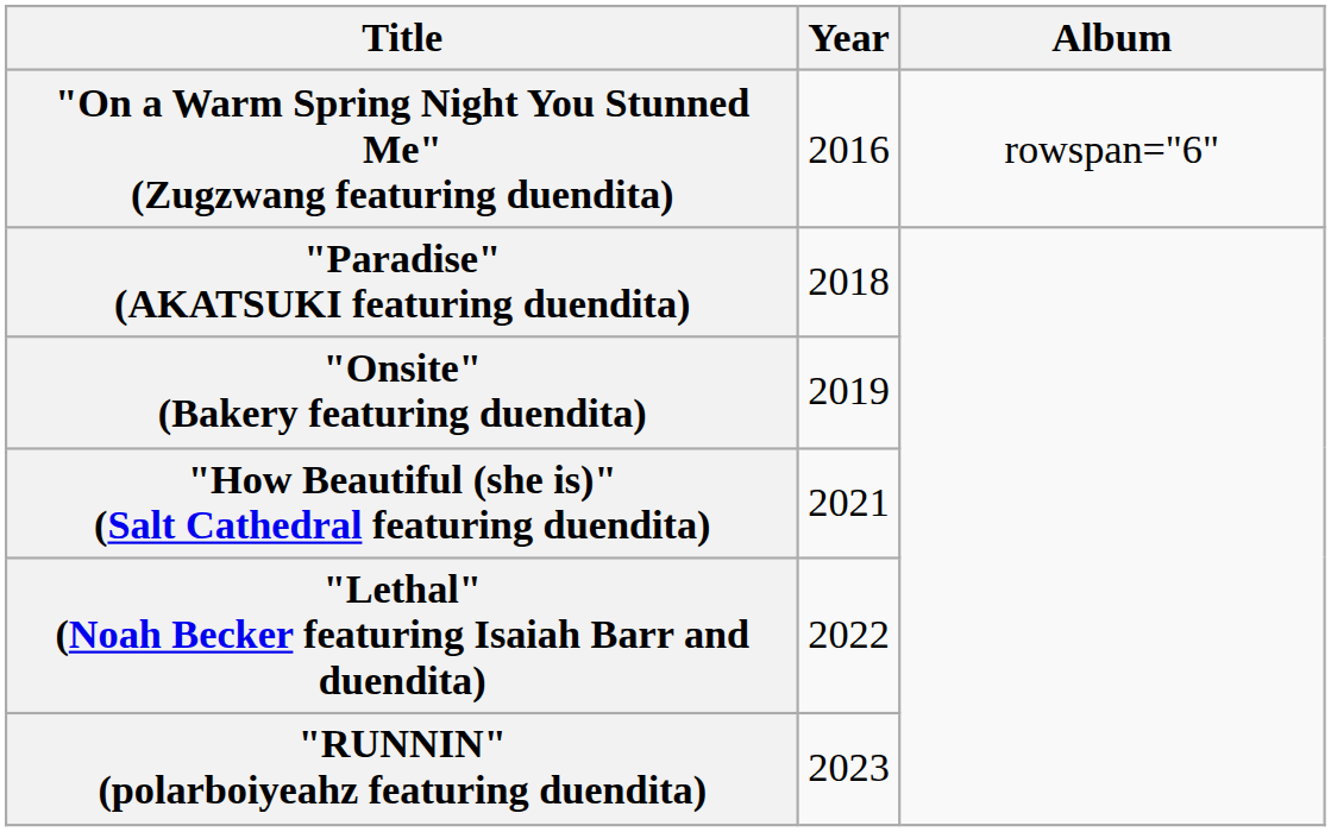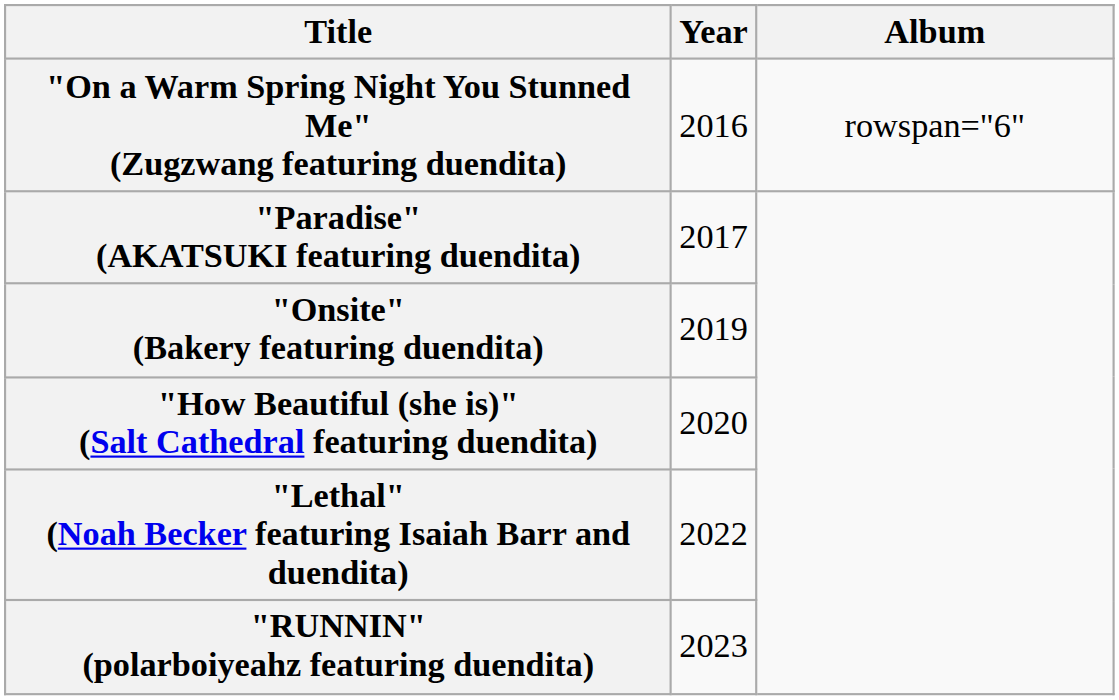 <table class="wikitable plainrowheaders" style="text-align:center">
 <tr>
 <th scope="col" style="width:19em;">Title</th>
 <th scope="col" style="width:1em;">Year</th>
 <th scope="col" style="width:10em;">Album</th>
 </tr>
 <tr>
 <th scope="row">"On a Warm Spring Night You Stunned Me"<br>(Zugzwang featuring duendita)</th>
 <td>2016</td>
 <td>rowspan="6" </td>
 </tr>
 <tr>
 <th scope="row">"Paradise"<br>(AKATSUKI featuring duendita)</th>
-<td>2018</td>
+<td>2017</td>
 </tr>
 <tr>
 <th scope="row">"Onsite"<br>(Bakery featuring duendita)</th>
 <td>2019</td>
 </tr>
 <tr>
 <th scope="row">"How Beautiful (she is)"<br>(<a href='#'>Salt Cathedral</a> featuring duendita)</th>
-<td>2021</td>
+<td>2020</td>
 </tr>
 <tr>
 <th scope="row">"Lethal"<br>(<a href='#'>Noah Becker</a> featuring Isaiah Barr and duendita)</th>
 <td>2022</td>
 </tr>
 <tr>
 <th scope="row">"RUNNIN"<br>(polarboiyeahz featuring duendita)</th>
 <td>2023</td>
 </tr>
 </table>
